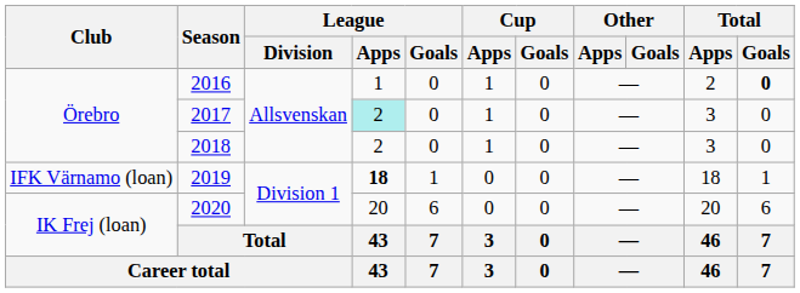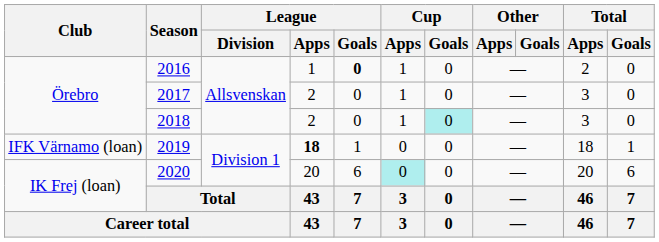 <table class="wikitable" style="text-align:center">
 <tr>
 <th rowspan="2">Club</th>
 <th rowspan="2">Season</th>
 <th colspan="3">League</th>
 <th colspan="2">Cup</th>
 <th colspan="2">Other</th>
 <th colspan="2">Total</th>
 </tr>
 <tr>
 <th>Division</th>
 <th>Apps</th>
 <th>Goals</th>
 <th>Apps</th>
 <th>Goals</th>
 <th>Apps</th>
 <th>Goals</th>
 <th>Apps</th>
 <th>Goals</th>
 </tr>
 <tr>
 <td rowspan="3"><a href='#'>Örebro</a></td>
 <td><a href='#'>2016</a></td>
 <td rowspan="3"><a href='#'>Allsvenskan</a></td>
 <td>1</td>
-<td>0</td>
+<td><strong>0</strong></td>
 <td>1</td>
 <td>0</td>
 <td colspan="2">—</td>
 <td>2</td>
-<td><strong>0</strong></td>
+<td>0</td>
 </tr>
 <tr>
 <td><a href='#'>2017</a></td>
-<td style="background: paleturquoise;">2</td>
+<td>2</td>
 <td>0</td>
 <td>1</td>
 <td>0</td>
 <td colspan="2">—</td>
 <td>3</td>
 <td>0</td>
 </tr>
 <tr>
 <td><a href='#'>2018</a></td>
 <td>2</td>
 <td>0</td>
 <td>1</td>
-<td>0</td>
+<td style="background: paleturquoise;">0</td>
 <td colspan="2">—</td>
 <td>3</td>
 <td>0</td>
 </tr>
 <tr>
 <td><a href='#'>IFK Värnamo</a> (loan)</td>
 <td><a href='#'>2019</a></td>
 <td rowspan="2"><a href='#'>Division 1</a></td>
 <td><strong>18</strong></td>
 <td>1</td>
 <td>0</td>
 <td>0</td>
 <td colspan="2">—</td>
 <td>18</td>
 <td>1</td>
 </tr>
 <tr>
 <td rowspan="2"><a href='#'>IK Frej</a> (loan)</td>
 <td><a href='#'>2020</a></td>
 <td>20</td>
 <td>6</td>
-<td>0</td>
+<td style="background: paleturquoise;">0</td>
 <td>0</td>
 <td colspan="2">—</td>
 <td>20</td>
 <td>6</td>
 </tr>
 <tr>
 <th colspan="2">Total</th>
 <th>43</th>
 <th>7</th>
 <th>3</th>
 <th>0</th>
 <th colspan="2">—</th>
 <th>46</th>
 <th>7</th>
 </tr>
 <tr>
 <th colspan="3">Career total</th>
 <th>43</th>
 <th>7</th>
 <th>3</th>
 <th>0</th>
 <th colspan="2">—</th>
 <th>46</th>
 <th>7</th>
 </tr>
 </table>
